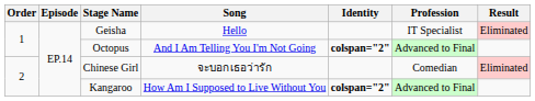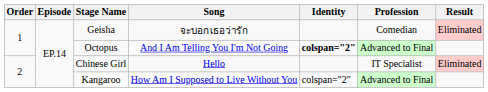 <table class="wikitable">
 <tr>
 <th>Order</th>
 <th>Episode</th>
 <th>Stage Name</th>
 <th>Song</th>
 <th>Identity</th>
 <th>Profession</th>
 <th>Result</th>
 </tr>
 <tr>
 <td rowspan="2" align="center">1</td>
 <td rowspan="4" align="center">EP.14</td>
 <td align="center">Geisha</td>
-<td align="center"><a href='#'>Hello</a></td>
+<td align="center">จะบอกเธอว่ารัก</td>
 <td align="center"></td>
-<td align="center">IT Specialist</td>
+<td align="center">Comedian</td>
 <td align="center" style="background:#ffcccc">Eliminated</td>
 </tr>
 <tr>
 <td align="center">Octopus</td>
 <td align="center"><a href='#'>And I Am Telling You I'm Not Going</a></td>
 <td><strong>colspan="2" </strong></td>
 <td align="center" style="background:#ccffcc">Advanced to Final</td>
 </tr>
 <tr>
 <td rowspan="2" align="center">2</td>
 <td align="center">Chinese Girl</td>
-<td align="center">จะบอกเธอว่ารัก</td>
+<td align="center"><a href='#'>Hello</a></td>
 <td align="center"></td>
-<td align="center">Comedian</td>
+<td align="center">IT Specialist</td>
 <td align="center" style="background:#ffcccc">Eliminated</td>
 </tr>
 <tr>
 <td align="center">Kangaroo</td>
 <td align="center"><a href='#'>How Am I Supposed to Live Without You</a></td>
-<td><strong>colspan="2" </strong></td>
+<td>colspan="2" </td>
 <td align="center" style="background:#ccffcc">Advanced to Final</td>
 </tr>
 </table>
